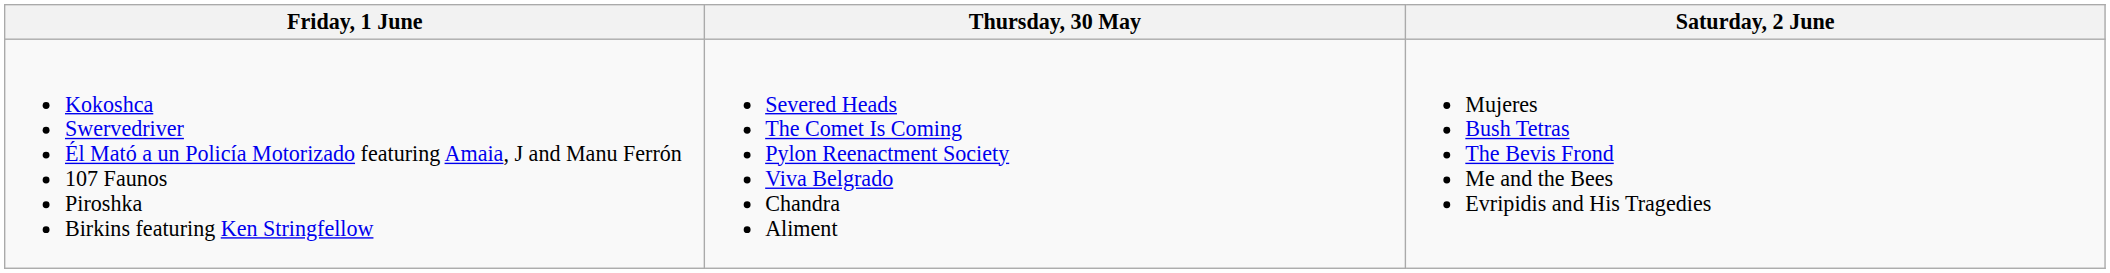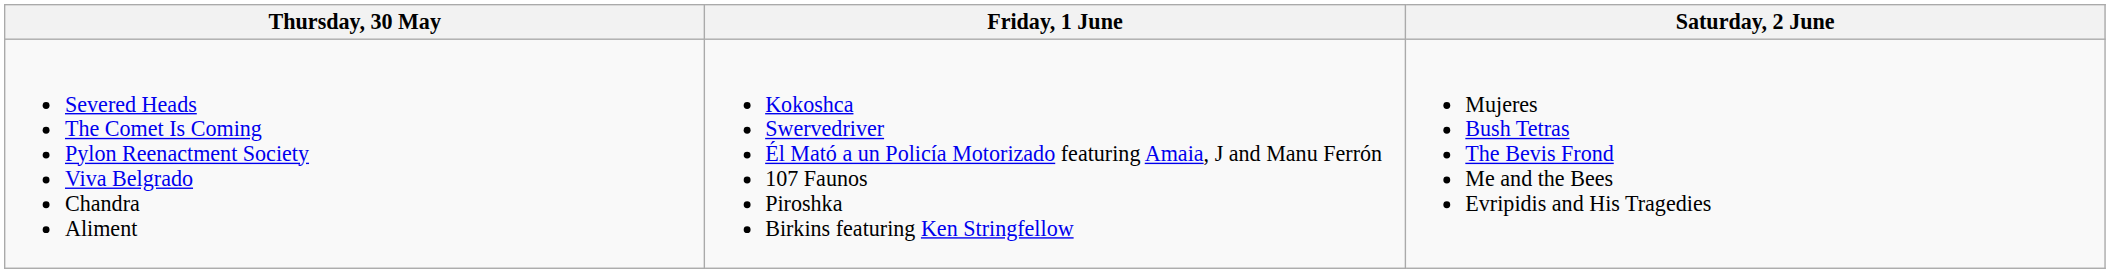 <table class="wikitable">
 <tr>
+<th width="500">Thursday, 30 May</th>
 <th width="500">Friday, 1 June</th>
-<th width="500">Thursday, 30 May</th>
 <th width="500">Saturday, 2 June</th>
 </tr>
 <tr valign="top">
+<td><br><ul><li><a href='#'>Severed Heads</a></li><li><a href='#'>The Comet Is Coming</a></li><li><a href='#'>Pylon Reenactment Society</a></li><li><a href='#'>Viva Belgrado</a></li><li>Chandra</li><li>Aliment</li></ul></td>
 <td><br><ul><li><a href='#'>Kokoshca</a></li><li><a href='#'>Swervedriver</a></li><li><a href='#'>Él Mató a un Policía Motorizado</a> featuring <a href='#'>Amaia</a>, J and Manu Ferrón</li><li>107 Faunos</li><li>Piroshka</li><li>Birkins featuring <a href='#'>Ken Stringfellow</a></li></ul></td>
-<td><br><ul><li><a href='#'>Severed Heads</a></li><li><a href='#'>The Comet Is Coming</a></li><li><a href='#'>Pylon Reenactment Society</a></li><li><a href='#'>Viva Belgrado</a></li><li>Chandra</li><li>Aliment</li></ul></td>
 <td><br><ul><li>Mujeres</li><li><a href='#'>Bush Tetras</a></li><li><a href='#'>The Bevis Frond</a></li><li>Me and the Bees</li><li>Evripidis and His Tragedies</li></ul></td>
 </tr>
 </table>
